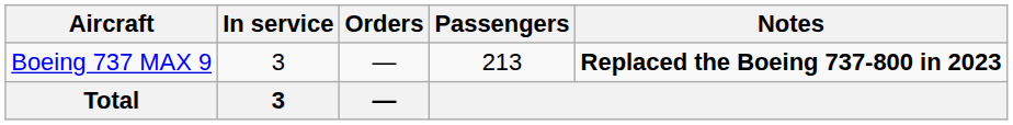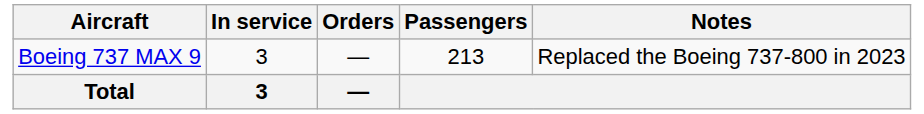 <table class="wikitable" style="border-collapse:collapse;text-align:center;margin:auto;">
 <tr>
 <th>Aircraft</th>
 <th>In service</th>
 <th>Orders</th>
 <th>Passengers</th>
 <th>Notes</th>
 </tr>
 <tr>
 <td><a href='#'>Boeing 737 MAX 9</a></td>
 <td>3</td>
 <td>—</td>
 <td>213</td>
-<td><strong>Replaced the Boeing 737-800 in 2023</strong></td>
+<td>Replaced the Boeing 737-800 in 2023</td>
 </tr>
 <tr>
 <th>Total</th>
 <th>3</th>
 <th>—</th>
 <th colspan="2"></th>
 </tr>
 </table>
